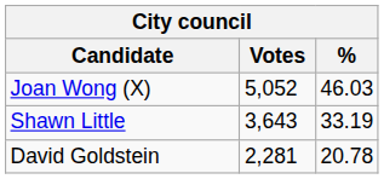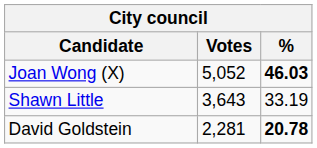 <table class="wikitable">
 <tr>
 <th colspan="3">City council</th>
 </tr>
 <tr>
 <th style="width: 170px">Candidate</th>
 <th style="width: 50px">Votes</th>
 <th style="width: 40px">%</th>
 </tr>
 <tr>
 <td><a href='#'>Joan Wong</a> (X)</td>
 <td>5,052</td>
-<td>46.03</td>
+<td><strong>46.03</strong></td>
 </tr>
 <tr>
 <td><a href='#'>Shawn Little</a></td>
 <td>3,643</td>
 <td>33.19</td>
 </tr>
 <tr>
 <td>David Goldstein</td>
 <td>2,281</td>
-<td>20.78</td>
+<td><strong>20.78</strong></td>
 </tr>
 </table>
